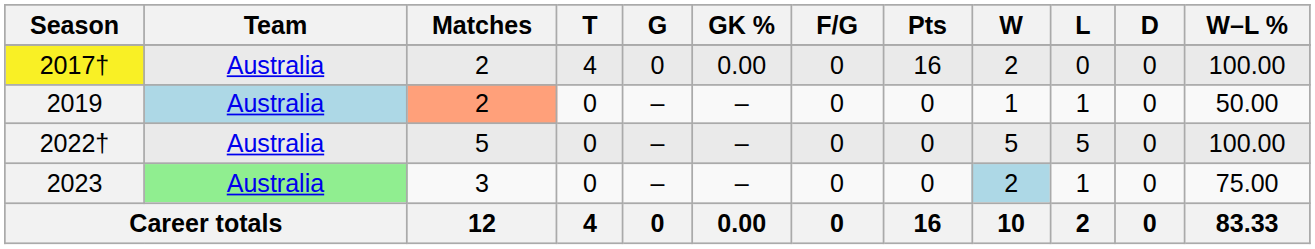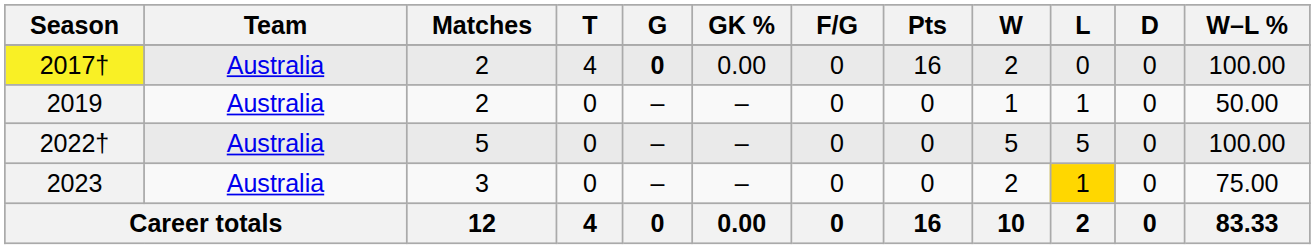 <table class="wikitable sortable"  style="font-size:90%; text-align:center; width:85%;">
 <tr>
 <th width=2%>Season</th>
 <th width=8%>Team</th>
 <th width=2%>Matches</th>
 <th width=2%>T</th>
 <th width=2%>G</th>
 <th width=2%>GK %</th>
 <th width=2%>F/G</th>
 <th width=2%>Pts</th>
 <th width=2%>W</th>
 <th width=2%>L</th>
 <th width=2%>D</th>
 <th width=2%>W–L %</th>
 </tr>
 <tr>
 </tr>
 <tr style="background-color: #EAEAEA">
 <th scope="row" style="text-align:center; background:#f9f025; font-weight:normal">2017†</th>
 <td style="text-align:center;"><a href='#'>Australia</a></td>
 <td>2</td>
 <td>4</td>
-<td>0</td>
+<td><strong>0</strong></td>
 <td>0.00</td>
 <td>0</td>
 <td>16</td>
 <td>2</td>
 <td>0</td>
 <td>0</td>
 <td>100.00</td>
 </tr>
 <tr>
 <th scope="row" style="text-align:center; font-weight:normal">2019</th>
-<td style="background: lightblue; text-align:center;"><a href='#'>Australia</a></td>
-<td style="background: lightsalmon;">2</td>
+<td style="text-align:center;"><a href='#'>Australia</a></td>
+<td>2</td>
 <td>0</td>
 <td>–</td>
 <td>–</td>
 <td>0</td>
 <td>0</td>
 <td>1</td>
 <td>1</td>
 <td>0</td>
 <td>50.00</td>
 </tr>
 <tr style="background-color: #EAEAEA">
 <th scope="row" style="text-align:center background:#f9f025; font-weight:normal">2022†</th>
 <td style="text-align:center;"><a href='#'>Australia</a></td>
 <td>5</td>
 <td>0</td>
 <td>–</td>
 <td>–</td>
 <td>0</td>
 <td>0</td>
 <td>5</td>
 <td>5</td>
 <td>0</td>
 <td>100.00</td>
 </tr>
 <tr>
 <th scope="row" style="text-align:center; font-weight:normal">2023</th>
-<td style="background: lightgreen; text-align:center;"><a href='#'>Australia</a></td>
+<td style="text-align:center;"><a href='#'>Australia</a></td>
 <td>3</td>
 <td>0</td>
 <td>–</td>
 <td>–</td>
 <td>0</td>
 <td>0</td>
-<td style="background: lightblue;">2</td>
-<td>1</td>
+<td>2</td>
+<td style="background: gold;">1</td>
 <td>0</td>
 <td>75.00</td>
 </tr>
 <tr class="sortbottom">
 <th colspan=2>Career totals</th>
 <th>12</th>
 <th>4</th>
 <th>0</th>
 <th>0.00</th>
 <th>0</th>
 <th>16</th>
 <th>10</th>
 <th>2</th>
 <th>0</th>
 <th>83.33</th>
 </tr>
 </table>
